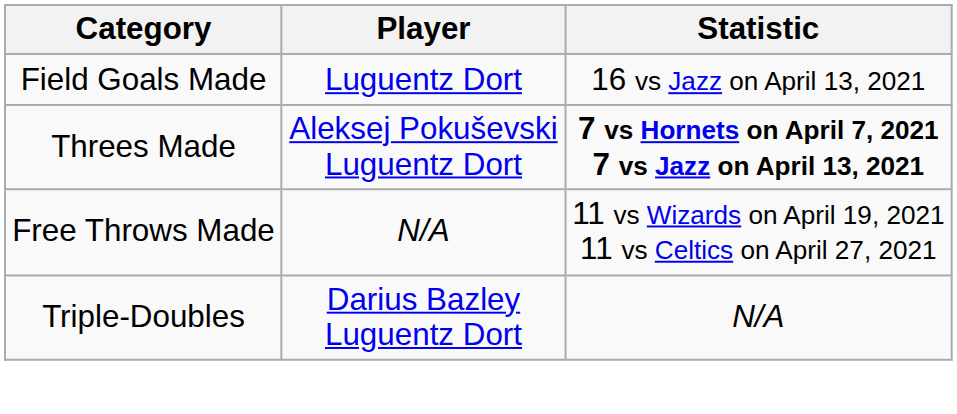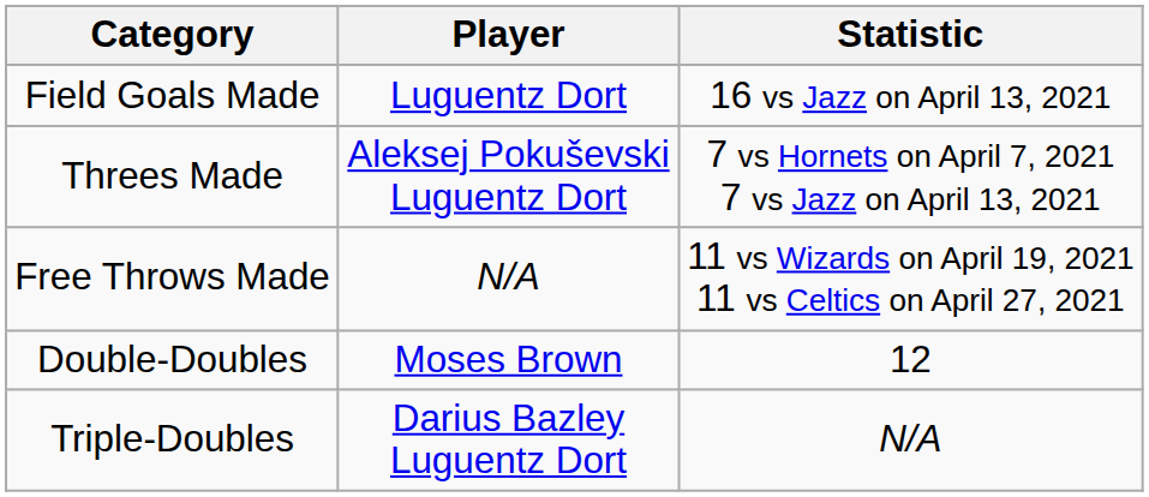 <table class="wikitable sortable sortable" style="text-align: center">
 <tr>
 <th>Category</th>
 <th>Player</th>
 <th>Statistic</th>
 </tr>
 <tr style="text-align: center">
 <td>Field Goals Made</td>
 <td><a href='#'>Luguentz Dort</a></td>
 <td>16 <small>vs <a href='#'>Jazz</a> on April 13, 2021</small></td>
 </tr>
 <tr style="text-align: center">
 <td>Threes Made</td>
 <td><a href='#'>Aleksej Pokuševski</a><br><a href='#'>Luguentz Dort</a></td>
-<td><strong>7 <small>vs <a href='#'>Hornets</a> on April 7, 2021</small><br>7 <small>vs <a href='#'>Jazz</a> on April 13, 2021</small></strong></td>
+<td>7 <small>vs <a href='#'>Hornets</a> on April 7, 2021</small><br>7 <small>vs <a href='#'>Jazz</a> on April 13, 2021</small></td>
 </tr>
 <tr style="text-align: center">
 <td>Free Throws Made</td>
 <td><em>N/A</em></td>
 <td>11 <small>vs <a href='#'>Wizards</a> on April 19, 2021</small><br>11 <small>vs <a href='#'>Celtics</a> on April 27, 2021</small></td>
 </tr>
 <tr style="text-align: center">
+<td>Double-Doubles</td>
+<td><a href='#'>Moses Brown</a></td>
+<td>12</td>
+</tr>
+<tr style="text-align: center">
 <td>Triple-Doubles</td>
 <td><a href='#'>Darius Bazley</a><br><a href='#'>Luguentz Dort</a></td>
 <td><em>N/A</em></td>
 </tr>
 </table>
